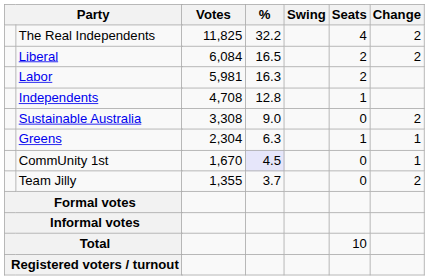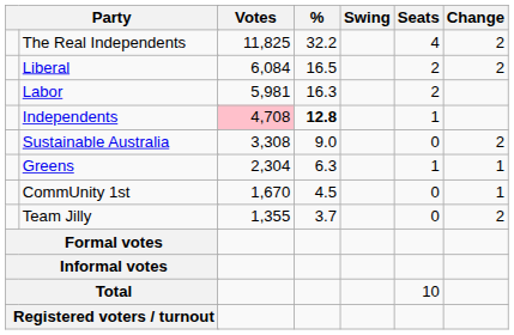 <table class="wikitable" style="text-align:right; margin-bottom:0">
 <tr>
 <th style="width:10px" colspan=3>Party</th>
 <th style="width:70px;">Votes</th>
 <th style="width:40px;">%</th>
 <th style="width:40px;">Swing</th>
 <th style="width:40px;">Seats</th>
 <th style="width:40px;">Change</th>
 </tr>
 <tr>
 <td> </td>
 <td style="text-align:left;" colspan="2">The Real Independents</td>
 <td>11,825</td>
 <td>32.2</td>
 <td></td>
 <td>4</td>
 <td> 2</td>
 </tr>
 <tr>
 <td> </td>
 <td style="text-align:left;" colspan="2"><a href='#'>Liberal</a></td>
 <td>6,084</td>
 <td>16.5</td>
 <td></td>
 <td>2</td>
 <td> 2</td>
 </tr>
 <tr>
 <td> </td>
 <td style="text-align:left;" colspan="2"><a href='#'>Labor</a></td>
 <td>5,981</td>
 <td>16.3</td>
 <td></td>
 <td>2</td>
 <td></td>
 </tr>
 <tr>
 <td> </td>
 <td style="text-align:left;" colspan="2"><a href='#'>Independents</a></td>
-<td>4,708</td>
-<td>12.8</td>
+<td style="background: pink;">4,708</td>
+<td><strong>12.8</strong></td>
 <td></td>
 <td>1</td>
 <td></td>
 </tr>
 <tr>
 <td> </td>
 <td style="text-align:left;" colspan="2"><a href='#'>Sustainable Australia</a></td>
 <td>3,308</td>
 <td>9.0</td>
 <td></td>
 <td>0</td>
 <td> 2</td>
 </tr>
 <tr>
 <td> </td>
 <td style="text-align:left;" colspan="2"><a href='#'>Greens</a></td>
 <td>2,304</td>
 <td>6.3</td>
 <td></td>
 <td>1</td>
 <td> 1</td>
 </tr>
 <tr>
 <td> </td>
 <td style="text-align:left;" colspan="2">CommUnity 1st</td>
 <td>1,670</td>
-<td style="background: lavender;">4.5</td>
+<td>4.5</td>
 <td></td>
 <td>0</td>
 <td> 1</td>
 </tr>
 <tr>
 <td> </td>
 <td style="text-align:left;" colspan="2">Team Jilly</td>
 <td>1,355</td>
 <td>3.7</td>
 <td></td>
 <td>0</td>
 <td> 2</td>
 </tr>
 <tr>
 <th colspan="3" rowspan="1"> Formal votes</th>
 <td></td>
 <td></td>
 <td></td>
 <td></td>
 <td></td>
 </tr>
 <tr>
 <th colspan="3" rowspan="1"> Informal votes</th>
 <td></td>
 <td></td>
 <td></td>
 <td></td>
 <td></td>
 </tr>
 <tr>
 <th colspan="3" rowspan="1"> <strong>Total </strong></th>
 <td></td>
 <td></td>
 <td></td>
 <td>10</td>
 <td></td>
 </tr>
 <tr>
 <th colspan="3" rowspan="1"> Registered voters / turnout</th>
 <td></td>
 <td></td>
 <td></td>
 <td></td>
 <td></td>
 </tr>
 </table>
